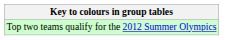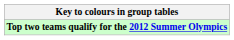 <table class="wikitable">
 <tr>
 <th>Key to colours in group tables</th>
 </tr>
 <tr bgcolor=#ccffcc>
-<td>Top two teams qualify for the <a href='#'>2012 Summer Olympics</a></td>
+<td><strong>Top two teams qualify for the <a href='#'>2012 Summer Olympics</a></strong></td>
 </tr>
 </table>
